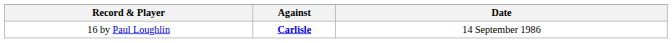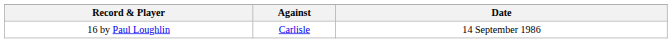 <table class="wikitable sortable" width="75%" style="font-size:90%">
 <tr bgcolor="#efefef">
 </tr>
 <tr bgcolor="#efefef">
 <th width=30%>Record & Player</th>
 <th width=10%>Against</th>
 <th width=40%>Date</th>
 </tr>
 <tr bgcolor=#FFFFFF>
 <td align=center>16 by  <a href='#'>Paul Loughlin</a></td>
-<td align=center><strong><a href='#'>Carlisle</a></strong></td>
+<td align=center><a href='#'>Carlisle</a></td>
 <td align=center>14 September 1986</td>
 </tr>
 </table>
